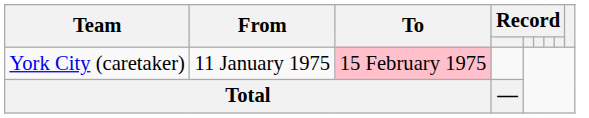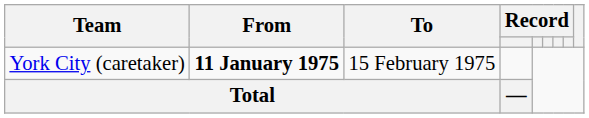 <table class="wikitable" style="text-align: center">
 <tr>
 <th rowspan=2>Team</th>
 <th rowspan=2>From</th>
 <th rowspan=2>To</th>
 <th colspan=5>Record</th>
 <th rowspan=2></th>
 </tr>
 <tr>
 <th></th>
 <th></th>
 <th></th>
 <th></th>
 <th></th>
 </tr>
 <tr>
 <td align=left><a href='#'>York City</a> (caretaker)</td>
-<td align=left>11 January 1975</td>
-<td align=left style="background: pink;">15 February 1975<br></td>
+<td align=left><strong>11 January 1975</strong></td>
+<td align=left>15 February 1975<br></td>
 <td></td>
 </tr>
 <tr>
 <th colspan=3>Total<br></th>
 <th>—</th>
 </tr>
 </table>
